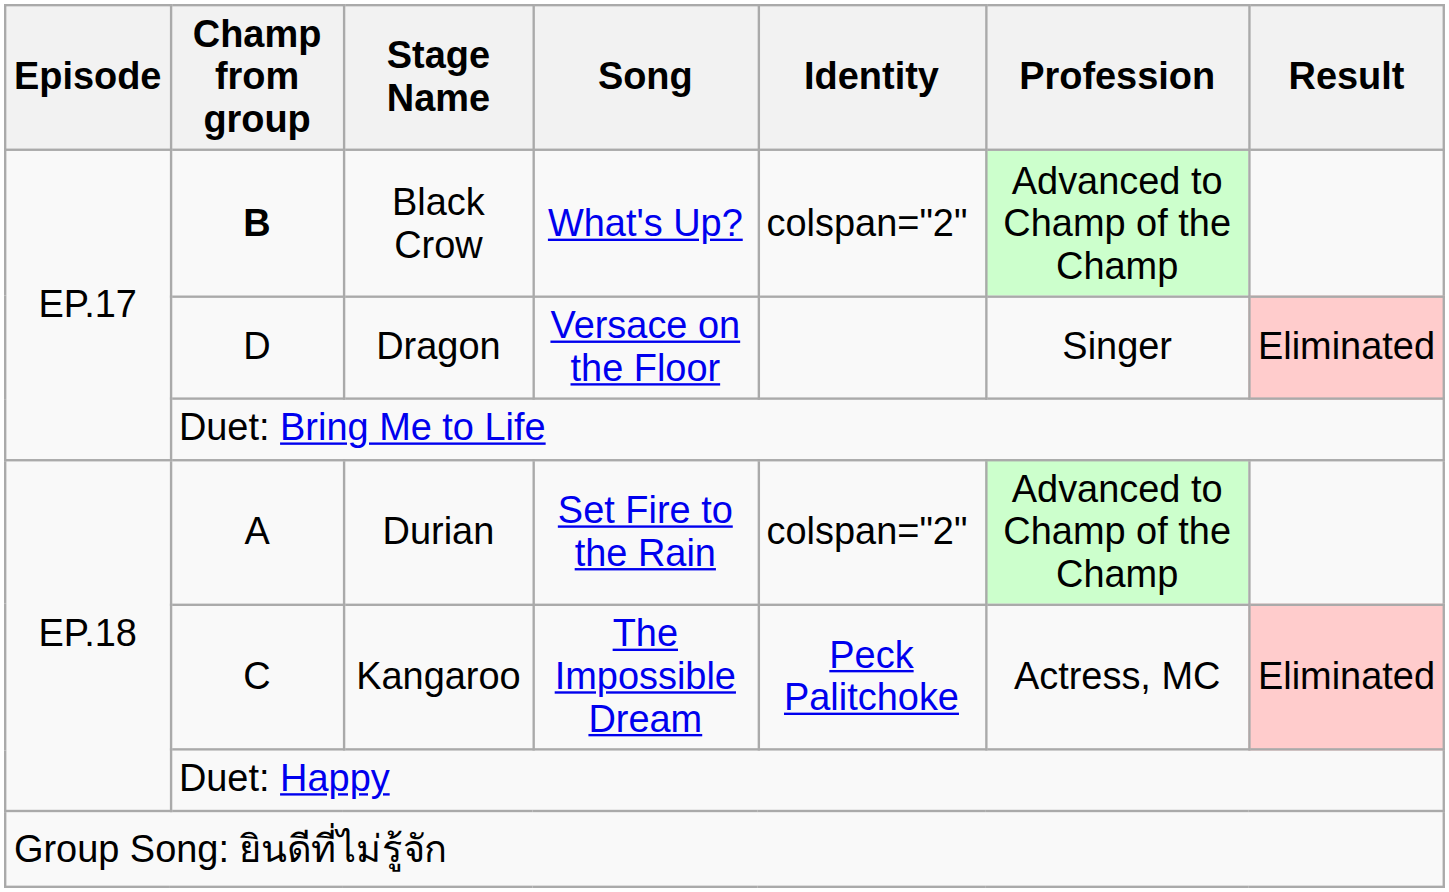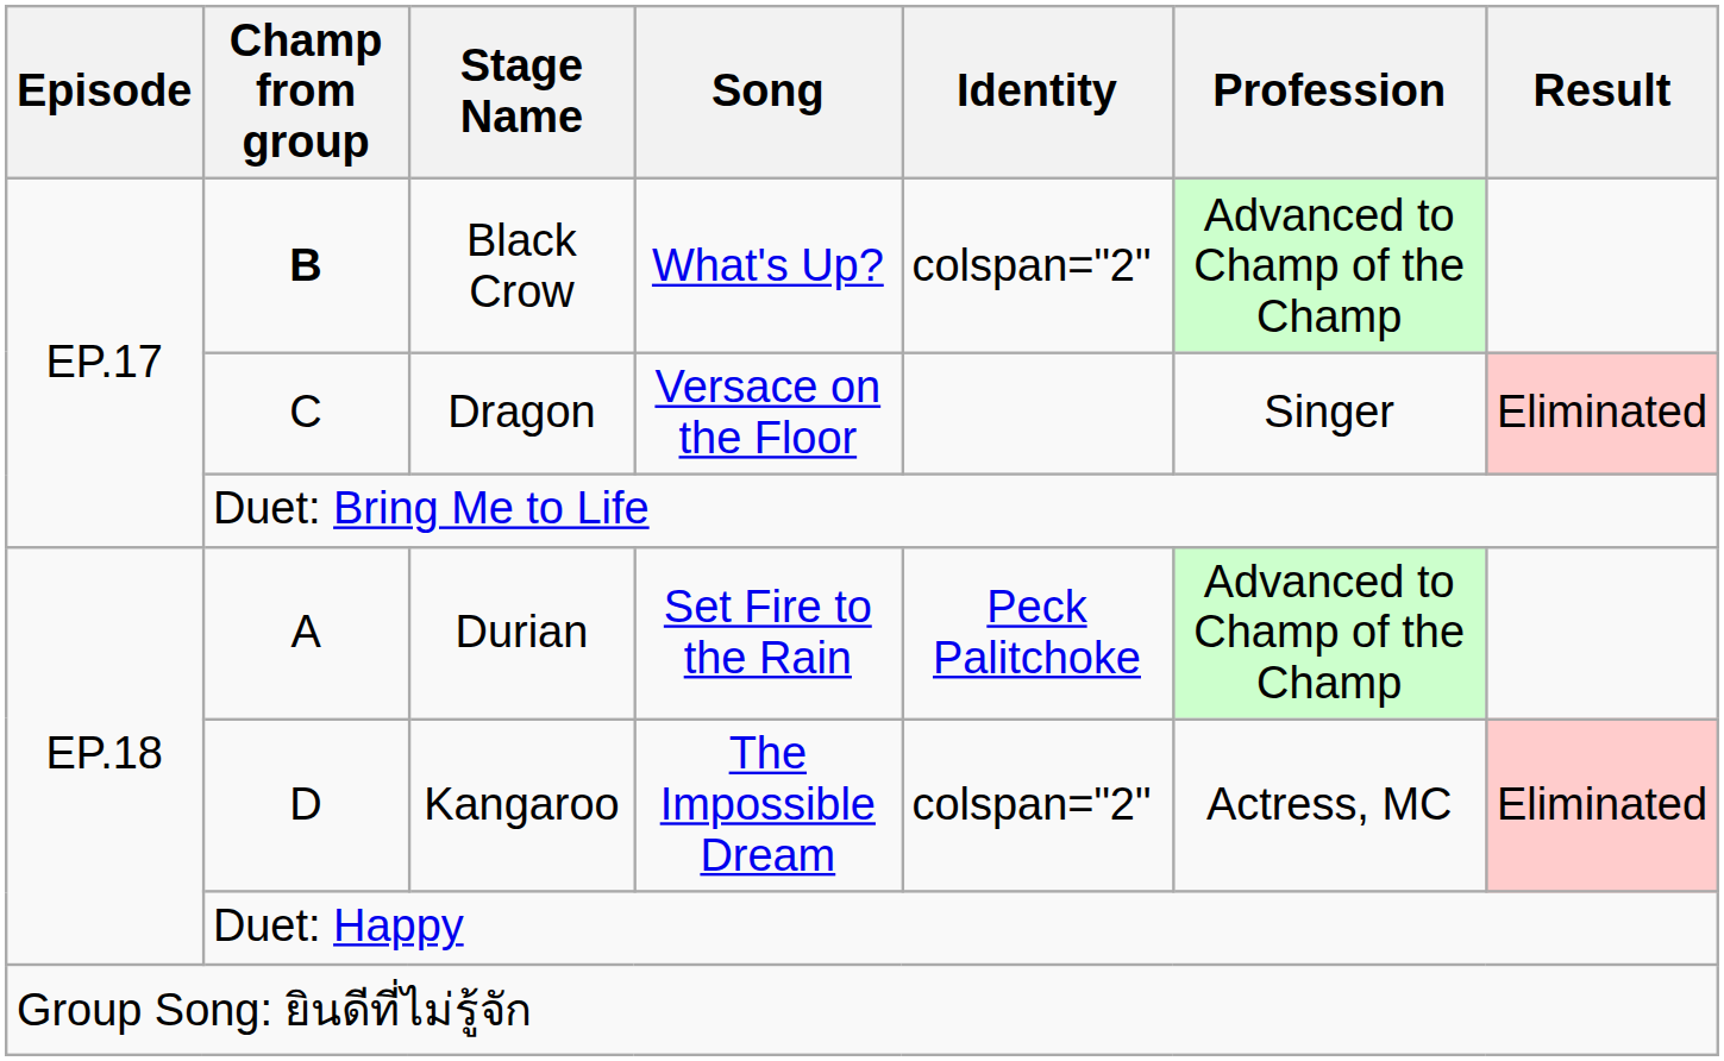 <table class="wikitable">
 <tr>
 <th>Episode</th>
 <th>Champ from group</th>
 <th>Stage Name</th>
 <th>Song</th>
 <th>Identity</th>
 <th>Profession</th>
 <th>Result</th>
 </tr>
 <tr>
 <td rowspan="3" align="center">EP.17</td>
 <td align="center"><strong>B</strong></td>
 <td align="center">Black Crow</td>
 <td align="center"><a href='#'>What's Up?</a></td>
 <td>colspan="2"  </td>
 <td align="center" style="background:#ccffcc">Advanced to Champ of the Champ</td>
 </tr>
 <tr>
-<td align="center">D</td>
+<td align="center">C</td>
 <td align="center">Dragon</td>
 <td align="center"><a href='#'>Versace on the Floor</a></td>
 <td align="center"></td>
 <td align="center">Singer</td>
 <td align="center" style="background:#ffcccc">Eliminated</td>
 </tr>
 <tr>
 <td colspan="6">Duet: <a href='#'>Bring Me to Life</a></td>
 </tr>
 <tr>
 <td rowspan="3" align="center">EP.18</td>
 <td align="center">A</td>
 <td align="center">Durian</td>
 <td align="center"><a href='#'>Set Fire to the Rain</a></td>
-<td>colspan="2"  </td>
+<td align="center"><a href='#'>Peck Palitchoke</a></td>
 <td align="center" style="background:#ccffcc">Advanced to Champ of the Champ</td>
 </tr>
 <tr>
-<td align="center">C</td>
+<td align="center">D</td>
 <td align="center">Kangaroo</td>
 <td align="center"><a href='#'>The Impossible Dream</a></td>
-<td align="center"><a href='#'>Peck Palitchoke</a></td>
+<td>colspan="2"  </td>
 <td align="center">Actress, MC</td>
 <td align="center" style="background:#ffcccc">Eliminated</td>
 </tr>
 <tr>
 <td colspan="6">Duet: <a href='#'>Happy</a></td>
 </tr>
 <tr>
 <td colspan="7">Group Song: ยินดีที่ไม่รู้จัก</td>
 </tr>
 </table>
